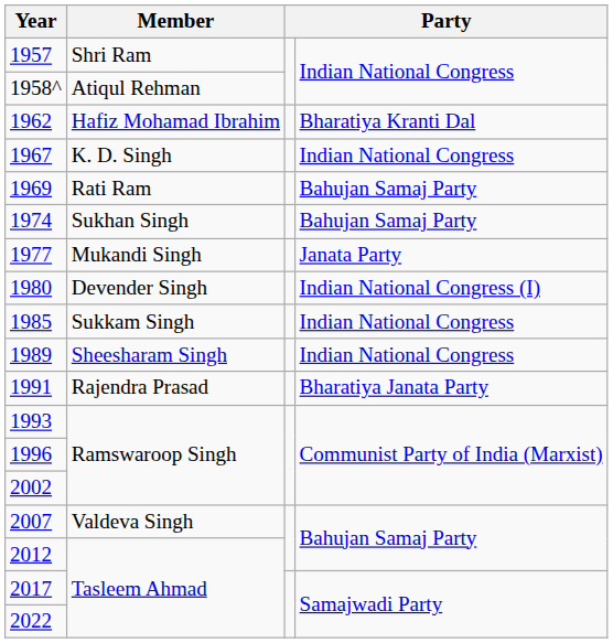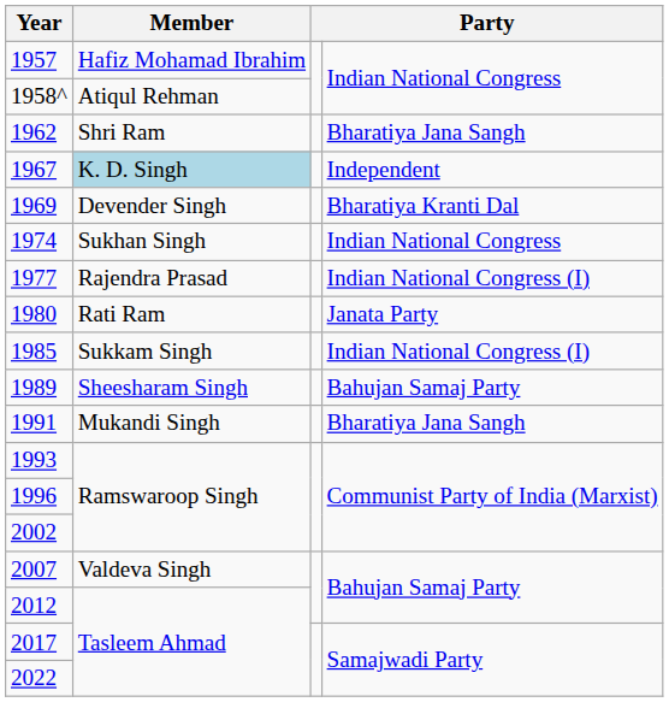 <table class="wikitable">
 <tr>
 <th>Year</th>
 <th>Member</th>
 <th colspan="2">Party</th>
 </tr>
 <tr>
 <td><a href='#'>1957</a></td>
-<td>Shri Ram</td>
+<td><a href='#'>Hafiz Mohamad Ibrahim</a></td>
 <td rowspan="2" style="background-color: "></td>
 <td rowspan="2"><a href='#'>Indian National Congress</a></td>
 </tr>
 <tr>
 <td>1958^</td>
 <td>Atiqul Rehman</td>
 </tr>
 <tr>
 <td><a href='#'>1962</a></td>
-<td><a href='#'>Hafiz Mohamad Ibrahim</a></td>
+<td>Shri Ram</td>
 <td style="background-color: "></td>
-<td><a href='#'>Bharatiya Kranti Dal</a></td>
+<td><a href='#'>Bharatiya Jana Sangh</a></td>
 </tr>
 <tr>
 <td><a href='#'>1967</a></td>
-<td>K. D. Singh</td>
+<td style="background: lightblue;">K. D. Singh</td>
 <td style="background-color: "></td>
-<td><a href='#'>Indian National Congress</a></td>
+<td><a href='#'>Independent</a></td>
 </tr>
 <tr>
 <td><a href='#'>1969</a></td>
-<td>Rati Ram</td>
+<td>Devender Singh</td>
 <td style="background-color: "></td>
-<td><a href='#'>Bahujan Samaj Party</a></td>
+<td><a href='#'>Bharatiya Kranti Dal</a></td>
 </tr>
 <tr>
 <td><a href='#'>1974</a></td>
 <td>Sukhan Singh</td>
 <td style="background-color: "></td>
-<td><a href='#'>Bahujan Samaj Party</a></td>
+<td><a href='#'>Indian National Congress</a></td>
 </tr>
 <tr>
 <td><a href='#'>1977</a></td>
-<td>Mukandi Singh</td>
+<td>Rajendra Prasad</td>
 <td style="background-color: "></td>
-<td><a href='#'>Janata Party</a></td>
+<td><a href='#'>Indian National Congress (I)</a></td>
 </tr>
 <tr>
 <td><a href='#'>1980</a></td>
-<td>Devender Singh</td>
+<td>Rati Ram</td>
 <td style="background-color: "></td>
-<td><a href='#'>Indian National Congress (I)</a></td>
+<td><a href='#'>Janata Party</a></td>
 </tr>
 <tr>
 <td><a href='#'>1985</a></td>
 <td>Sukkam Singh</td>
 <td style="background-color: "></td>
-<td><a href='#'>Indian National Congress</a></td>
+<td><a href='#'>Indian National Congress (I)</a></td>
 </tr>
 <tr>
 <td><a href='#'>1989</a></td>
 <td><a href='#'>Sheesharam Singh</a></td>
 <td style="background-color: "></td>
-<td><a href='#'>Indian National Congress</a></td>
+<td><a href='#'>Bahujan Samaj Party</a></td>
 </tr>
 <tr>
 <td><a href='#'>1991</a></td>
-<td>Rajendra Prasad</td>
+<td>Mukandi Singh</td>
 <td style="background-color: "></td>
-<td><a href='#'>Bharatiya Janata Party</a></td>
+<td><a href='#'>Bharatiya Jana Sangh</a></td>
 </tr>
 <tr>
 <td><a href='#'>1993</a></td>
 <td rowspan="3">Ramswaroop Singh</td>
 <td rowspan="3" style="background-color: "></td>
 <td rowspan="3"><a href='#'>Communist Party of India (Marxist)</a></td>
 </tr>
 <tr>
 <td><a href='#'>1996</a></td>
 </tr>
 <tr>
 <td><a href='#'>2002</a></td>
 </tr>
 <tr>
 <td><a href='#'>2007</a></td>
 <td>Valdeva Singh</td>
 <td rowspan="2" style="background-color: "></td>
 <td rowspan="2"><a href='#'>Bahujan Samaj Party</a></td>
 </tr>
 <tr>
 <td><a href='#'>2012</a></td>
 <td rowspan="3"><a href='#'>Tasleem Ahmad</a></td>
 </tr>
 <tr>
 <td><a href='#'>2017</a></td>
 <td rowspan="2" style="background-color: "></td>
 <td rowspan="2"><a href='#'>Samajwadi Party</a></td>
 </tr>
 <tr>
 <td><a href='#'>2022</a></td>
 </tr>
 </table>
